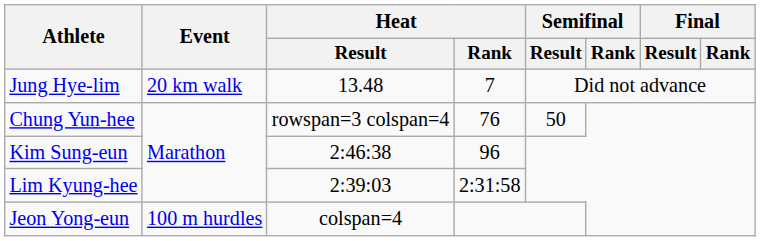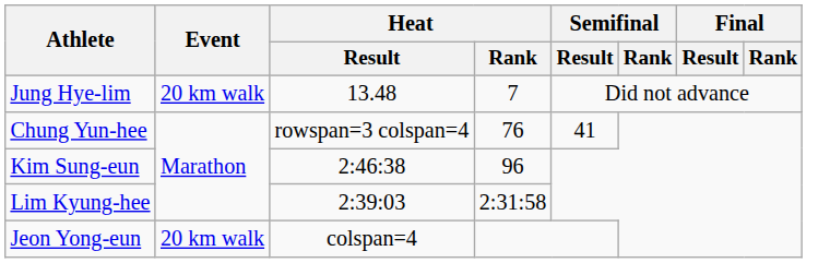 <table class="wikitable" style="font-size:90%">
 <tr>
 <th rowspan=2>Athlete</th>
 <th rowspan=2>Event</th>
 <th colspan="2">Heat</th>
 <th colspan="2">Semifinal</th>
 <th colspan="2">Final</th>
 </tr>
 <tr style="font-size:95%">
 <th>Result</th>
 <th>Rank</th>
 <th>Result</th>
 <th>Rank</th>
 <th>Result</th>
 <th>Rank</th>
 </tr>
 <tr align=center>
 <td align=left><a href='#'>Jung Hye-lim</a></td>
 <td align=left><a href='#'>20 km walk</a></td>
 <td>13.48</td>
 <td>7</td>
 <td colspan=4>Did not advance</td>
 </tr>
 <tr align=center>
 <td align=left><a href='#'>Chung Yun-hee</a></td>
 <td align=left rowspan=3><a href='#'>Marathon</a></td>
 <td>rowspan=3 colspan=4 </td>
 <td>76</td>
-<td>50</td>
+<td>41</td>
 </tr>
 <tr align=center>
 <td align=left><a href='#'>Kim Sung-eun</a></td>
 <td>2:46:38</td>
 <td>96</td>
 </tr>
 <tr align=center>
 <td align=left><a href='#'>Lim Kyung-hee</a></td>
 <td>2:39:03</td>
 <td>2:31:58</td>
 </tr>
 <tr align=center>
 <td align=left><a href='#'>Jeon Yong-eun</a></td>
-<td align=left><a href='#'>100 m hurdles</a></td>
+<td align=left><a href='#'>20 km walk</a></td>
 <td>colspan=4 </td>
 <td colspan=2></td>
 </tr>
 </table>
